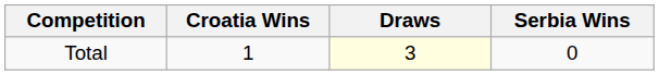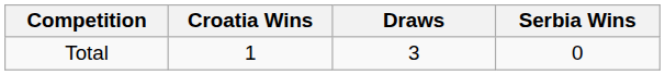 <table class="wikitable" style="text-align:center">
 <tr>
 <th width=120>Competition</th>
 <th width=120>Croatia Wins</th>
 <th width=120>Draws</th>
 <th width=120>Serbia Wins</th>
 </tr>
 <tr>
 <td>Total</td>
 <td>1</td>
-<td style="background: lightyellow;">3</td>
+<td>3</td>
 <td>0</td>
 </tr>
 </table>
